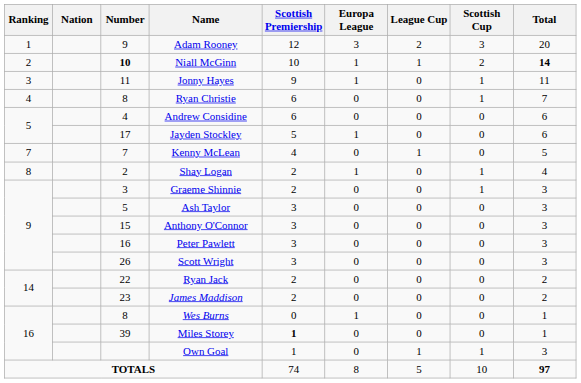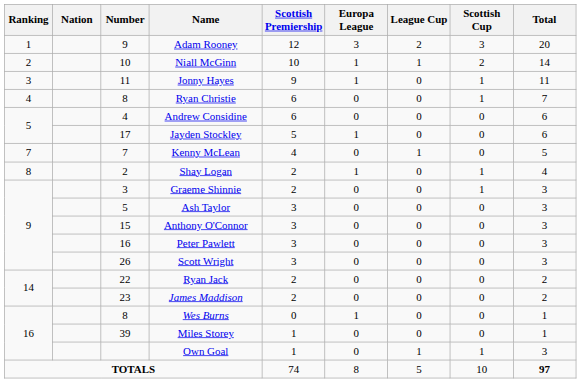 <table class="wikitable" style="font-size: 95%; text-align: center;">
 <tr>
 <th width=60>Ranking</th>
 <th width=60>Nation</th>
 <th width=60>Number</th>
 <th width=150>Name</th>
 <th width=80><a href='#'>Scottish Premiership</a></th>
 <th width=80>Europa League</th>
 <th width=80>League Cup</th>
 <th width=80>Scottish Cup</th>
 <th width=80>Total</th>
 </tr>
 <tr>
 <td>1</td>
 <td></td>
 <td>9</td>
 <td><a href='#'>Adam Rooney</a></td>
 <td>12</td>
 <td>3</td>
 <td>2</td>
 <td>3</td>
 <td>20</td>
 </tr>
 <tr>
 <td>2</td>
 <td></td>
-<td><strong>10</strong></td>
+<td>10</td>
 <td><a href='#'>Niall McGinn</a></td>
 <td>10</td>
 <td>1</td>
 <td>1</td>
 <td>2</td>
-<td><strong>14</strong></td>
+<td>14</td>
 </tr>
 <tr>
 <td>3</td>
 <td></td>
 <td>11</td>
 <td><a href='#'>Jonny Hayes</a></td>
 <td>9</td>
 <td>1</td>
 <td>0</td>
 <td>1</td>
 <td>11</td>
 </tr>
 <tr>
 <td>4</td>
 <td></td>
 <td>8</td>
 <td><a href='#'>Ryan Christie</a></td>
 <td>6</td>
 <td>0</td>
 <td>0</td>
 <td>1</td>
 <td>7</td>
 </tr>
 <tr>
 <td rowspan="2">5</td>
 <td></td>
 <td>4</td>
 <td><a href='#'>Andrew Considine</a></td>
 <td>6</td>
 <td>0</td>
 <td>0</td>
 <td>0</td>
 <td>6</td>
 </tr>
 <tr>
 <td></td>
 <td>17</td>
 <td><a href='#'>Jayden Stockley</a></td>
 <td>5</td>
 <td>1</td>
 <td>0</td>
 <td>0</td>
 <td>6</td>
 </tr>
 <tr>
 <td>7</td>
 <td></td>
 <td>7</td>
 <td><a href='#'>Kenny McLean</a></td>
 <td>4</td>
 <td>0</td>
 <td>1</td>
 <td>0</td>
 <td>5</td>
 </tr>
 <tr>
 <td>8</td>
 <td></td>
 <td>2</td>
 <td><a href='#'>Shay Logan</a></td>
 <td>2</td>
 <td>1</td>
 <td>0</td>
 <td>1</td>
 <td>4</td>
 </tr>
 <tr>
 <td rowspan="5">9</td>
 <td></td>
 <td>3</td>
 <td><a href='#'>Graeme Shinnie</a></td>
 <td>2</td>
 <td>0</td>
 <td>0</td>
 <td>1</td>
 <td>3</td>
 </tr>
 <tr>
 <td></td>
 <td>5</td>
 <td><a href='#'>Ash Taylor</a></td>
 <td>3</td>
 <td>0</td>
 <td>0</td>
 <td>0</td>
 <td>3</td>
 </tr>
 <tr>
 <td></td>
 <td>15</td>
 <td><a href='#'>Anthony O'Connor</a></td>
 <td>3</td>
 <td>0</td>
 <td>0</td>
 <td>0</td>
 <td>3</td>
 </tr>
 <tr>
 <td></td>
 <td>16</td>
 <td><a href='#'>Peter Pawlett</a></td>
 <td>3</td>
 <td>0</td>
 <td>0</td>
 <td>0</td>
 <td>3</td>
 </tr>
 <tr>
 <td></td>
 <td>26</td>
 <td><a href='#'>Scott Wright</a></td>
 <td>3</td>
 <td>0</td>
 <td>0</td>
 <td>0</td>
 <td>3</td>
 </tr>
 <tr>
 <td rowspan="2">14</td>
 <td></td>
 <td>22</td>
 <td><a href='#'>Ryan Jack</a></td>
 <td>2</td>
 <td>0</td>
 <td>0</td>
 <td>0</td>
 <td>2</td>
 </tr>
 <tr>
 <td></td>
 <td>23</td>
 <td><em><a href='#'>James Maddison</a></em></td>
 <td>2</td>
 <td>0</td>
 <td>0</td>
 <td>0</td>
 <td>2</td>
 </tr>
 <tr>
 <td rowspan="3">16</td>
 <td></td>
 <td>8</td>
 <td><em><a href='#'>Wes Burns</a></em></td>
 <td>0</td>
 <td>1</td>
 <td>0</td>
 <td>0</td>
 <td>1</td>
 </tr>
 <tr>
 <td></td>
 <td>39</td>
 <td><a href='#'>Miles Storey</a></td>
-<td><strong>1</strong></td>
+<td>1</td>
 <td>0</td>
 <td>0</td>
 <td>0</td>
 <td>1</td>
 </tr>
 <tr>
 <td></td>
 <td></td>
 <td><a href='#'>Own Goal</a></td>
 <td>1</td>
 <td>0</td>
 <td>1</td>
 <td>1</td>
 <td>3</td>
 </tr>
 <tr>
 <td colspan=4><strong>TOTALS</strong></td>
 <td>74</td>
 <td>8</td>
 <td>5</td>
 <td>10</td>
 <td><strong>97</strong></td>
 </tr>
 </table>
